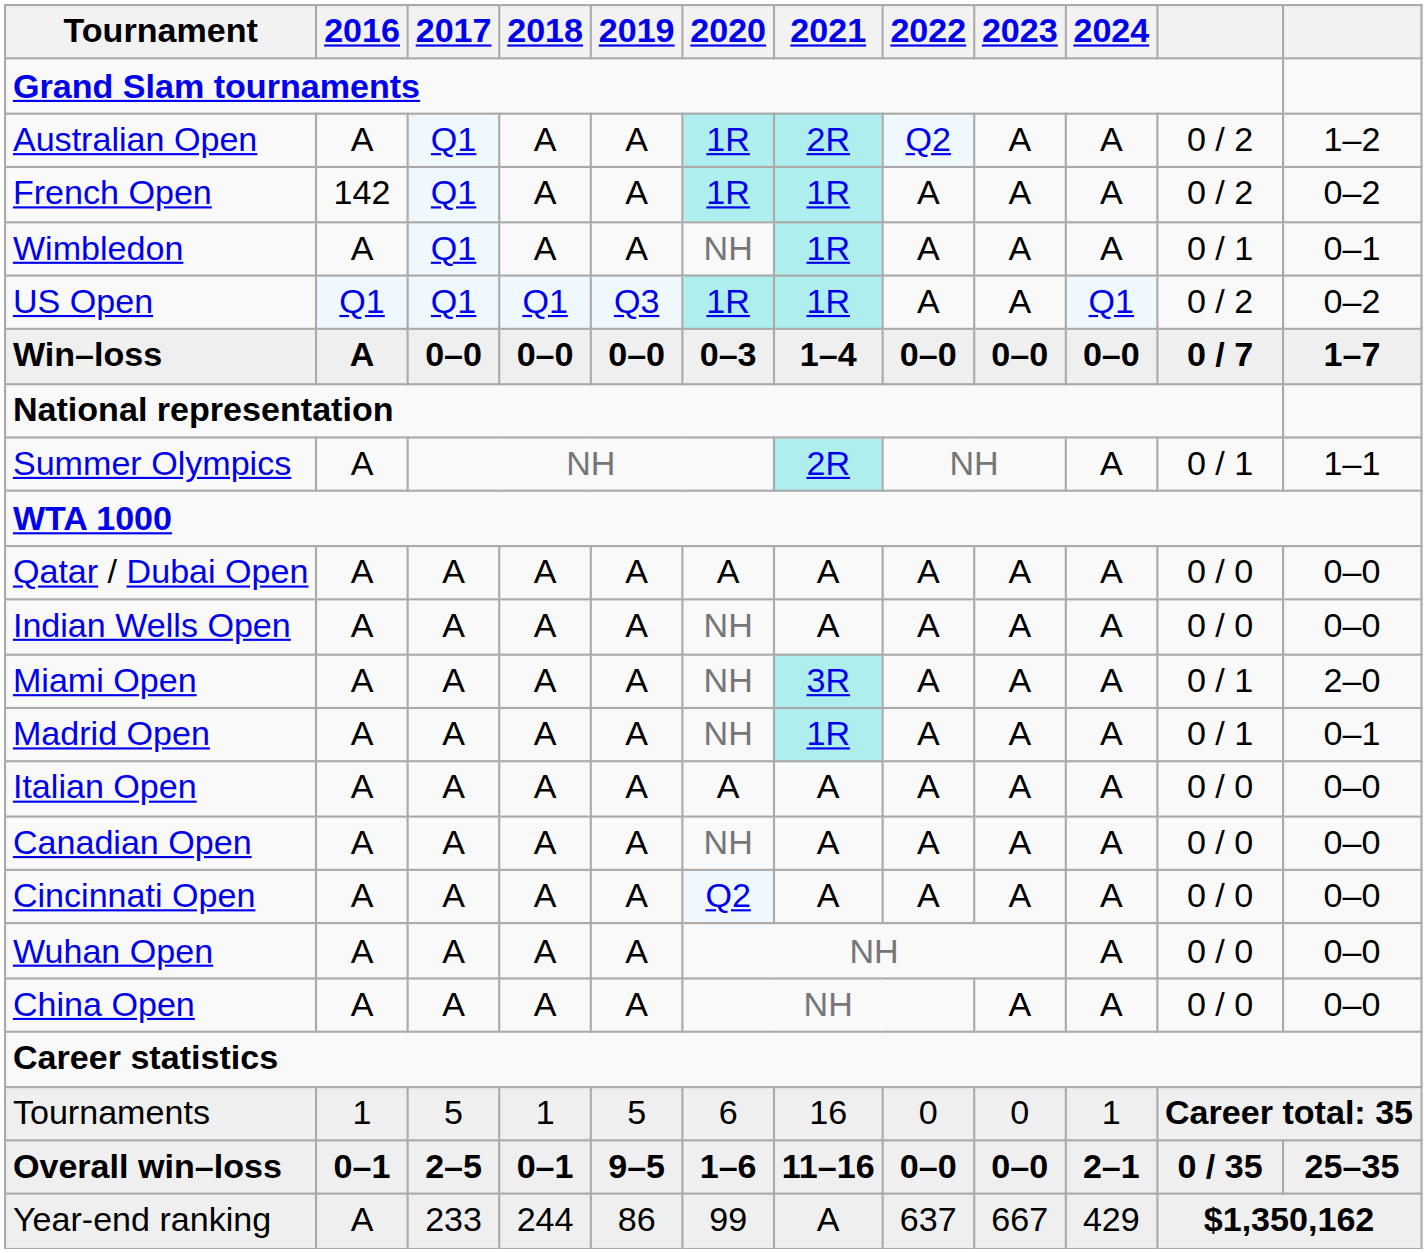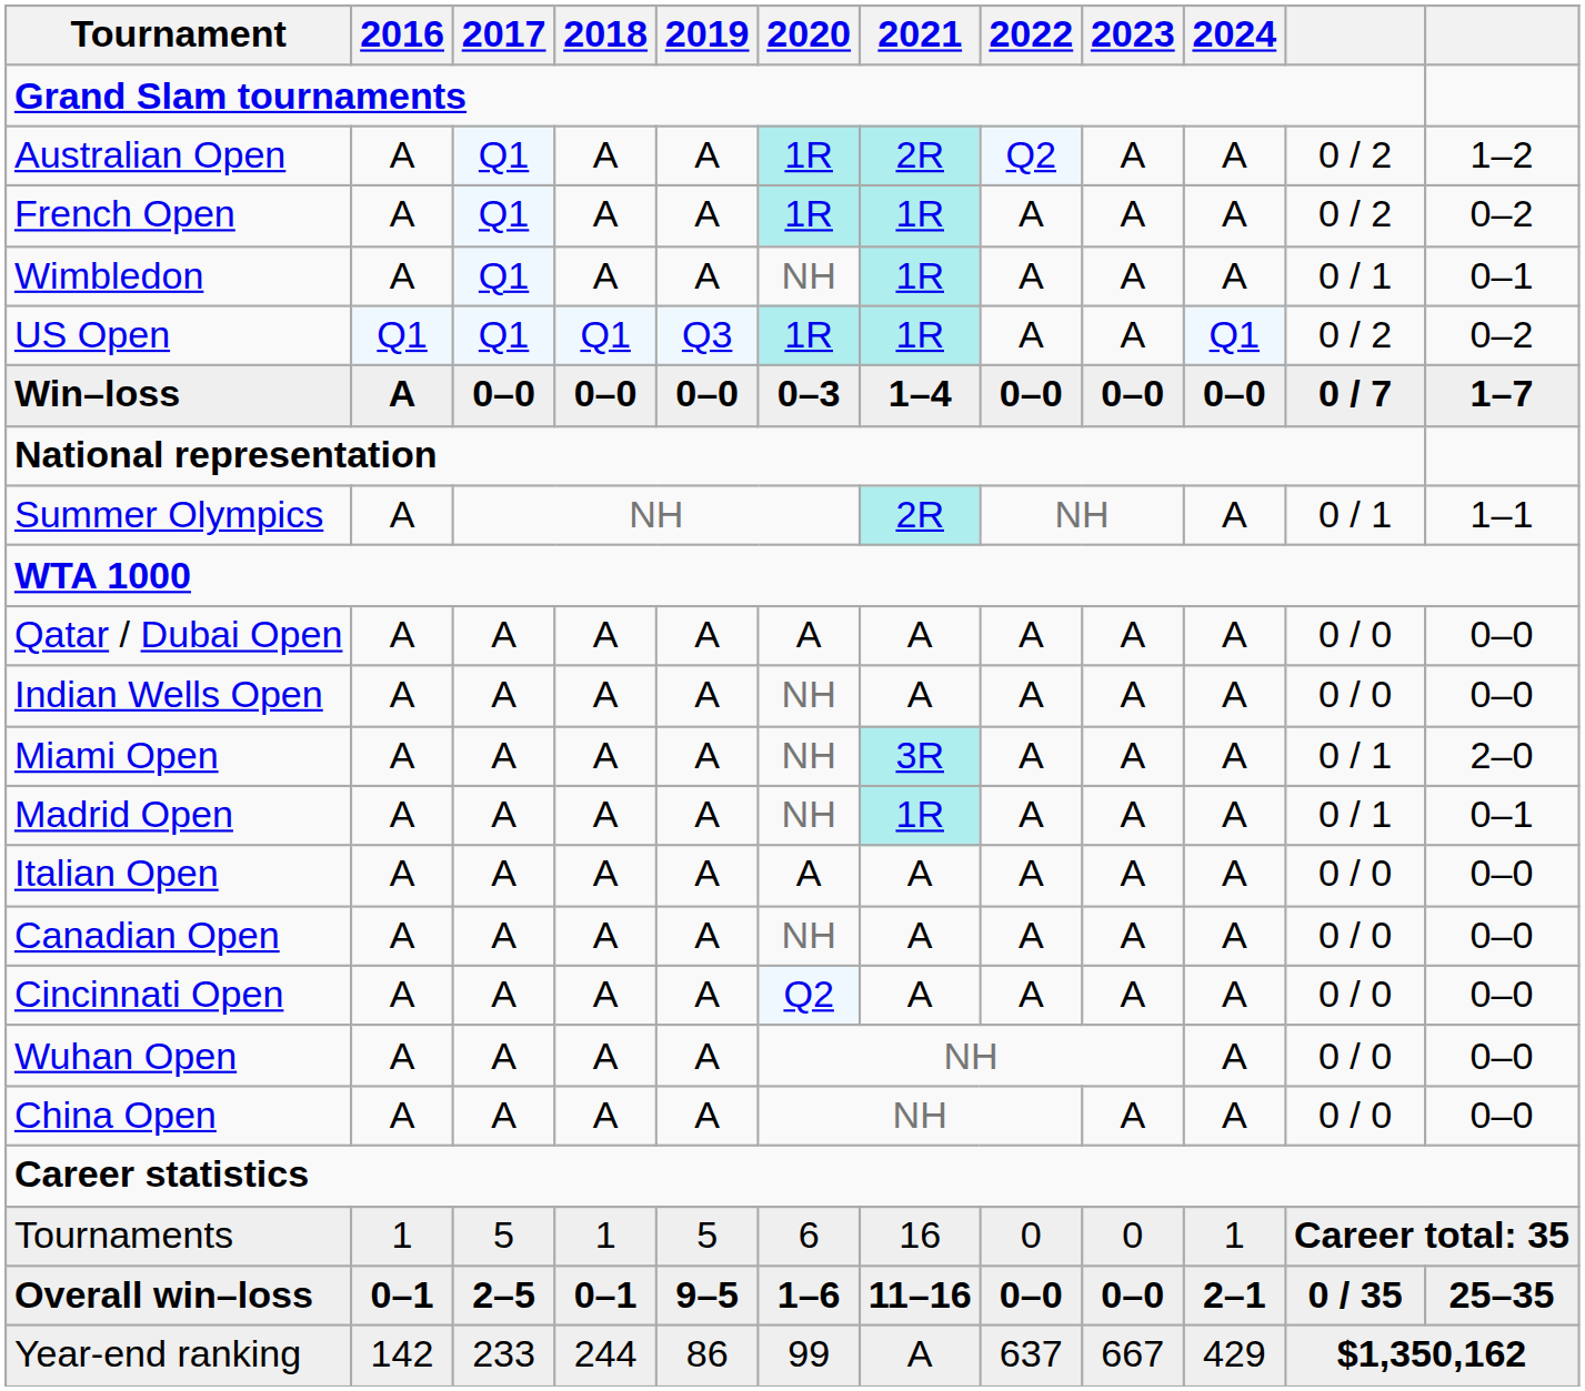 <table class=wikitable style=text-align:center>
 <tr>
 <th>Tournament</th>
 <th><a href='#'>2016</a></th>
 <th><a href='#'>2017</a></th>
 <th><a href='#'>2018</a></th>
 <th><a href='#'>2019</a></th>
 <th><a href='#'>2020</a></th>
 <th><a href='#'>2021</a></th>
 <th><a href='#'>2022</a></th>
 <th><a href='#'>2023</a></th>
 <th><a href='#'>2024</a></th>
 <th></th>
 <th></th>
 </tr>
 <tr>
 <td colspan="11" align=left><strong><a href='#'>Grand Slam tournaments</a></strong></td>
 </tr>
 <tr>
 <td align=left><a href='#'>Australian Open</a></td>
 <td>A</td>
 <td bgcolor=f0f8ff><a href='#'>Q1</a></td>
 <td>A</td>
 <td>A</td>
 <td bgcolor=afeeee><a href='#'>1R</a></td>
 <td bgcolor=afeeee><a href='#'>2R</a></td>
 <td bgcolor=f0f8ff><a href='#'>Q2</a></td>
 <td>A</td>
 <td>A</td>
 <td>0 / 2</td>
 <td>1–2</td>
 </tr>
 <tr>
 <td align=left><a href='#'>French Open</a></td>
-<td>142</td>
+<td>A</td>
 <td bgcolor=f0f8ff><a href='#'>Q1</a></td>
 <td>A</td>
 <td>A</td>
 <td bgcolor=afeeee><a href='#'>1R</a></td>
 <td bgcolor=afeeee><a href='#'>1R</a></td>
 <td>A</td>
 <td>A</td>
 <td>A</td>
 <td>0 / 2</td>
 <td>0–2</td>
 </tr>
 <tr>
 <td style=text-align:left><a href='#'>Wimbledon</a></td>
 <td>A</td>
 <td bgcolor=f0f8ff><a href='#'>Q1</a></td>
 <td>A</td>
 <td>A</td>
 <td style=color:#767676>NH</td>
 <td bgcolor=afeeee><a href='#'>1R</a></td>
 <td>A</td>
 <td>A</td>
 <td>A</td>
 <td>0 / 1</td>
 <td>0–1</td>
 </tr>
 <tr>
 <td style=text-align:left><a href='#'>US Open</a></td>
 <td bgcolor=f0f8ff><a href='#'>Q1</a></td>
 <td bgcolor=f0f8ff><a href='#'>Q1</a></td>
 <td bgcolor=f0f8ff><a href='#'>Q1</a></td>
 <td bgcolor=f0f8ff><a href='#'>Q3</a></td>
 <td bgcolor=afeeee><a href='#'>1R</a></td>
 <td bgcolor=afeeee><a href='#'>1R</a></td>
 <td>A</td>
 <td>A</td>
 <td bgcolor=f0f8ff><a href='#'>Q1</a></td>
 <td>0 / 2</td>
 <td>0–2</td>
 </tr>
 <tr style=background:#efefef;font-weight:bold>
 <td align=left>Win–loss</td>
 <td>A</td>
 <td>0–0</td>
 <td>0–0</td>
 <td>0–0</td>
 <td>0–3</td>
 <td>1–4</td>
 <td>0–0</td>
 <td>0–0</td>
 <td>0–0</td>
 <td>0 / 7</td>
 <td>1–7</td>
 </tr>
 <tr>
 <td align=left colspan="11"><strong>National representation</strong></td>
 </tr>
 <tr>
 <td align=left><a href='#'>Summer Olympics</a></td>
 <td>A</td>
 <td style=color:#767676 colspan="4">NH</td>
 <td bgcolor=afeeee><a href='#'>2R</a></td>
 <td style=color:#767676 colspan="2">NH</td>
 <td>A</td>
 <td>0 / 1</td>
 <td>1–1</td>
 </tr>
 <tr>
 <td colspan="13" align="left"><strong><a href='#'>WTA 1000</a></strong></td>
 </tr>
 <tr>
 <td align=left><a href='#'>Qatar</a> / <a href='#'>Dubai Open</a></td>
 <td>A</td>
 <td>A</td>
 <td>A</td>
 <td>A</td>
 <td>A</td>
 <td>A</td>
 <td>A</td>
 <td>A</td>
 <td>A</td>
 <td>0 / 0</td>
 <td>0–0</td>
 </tr>
 <tr>
 <td align=left><a href='#'>Indian Wells Open</a></td>
 <td>A</td>
 <td>A</td>
 <td>A</td>
 <td>A</td>
 <td style=color:#767676>NH</td>
 <td>A</td>
 <td>A</td>
 <td>A</td>
 <td>A</td>
 <td>0 / 0</td>
 <td>0–0</td>
 </tr>
 <tr>
 <td style="text-align:left"><a href='#'>Miami Open</a></td>
 <td>A</td>
 <td>A</td>
 <td>A</td>
 <td>A</td>
 <td style="color:#767676">NH</td>
 <td bgcolor="afeeee"><a href='#'>3R</a></td>
 <td>A</td>
 <td>A</td>
 <td>A</td>
 <td>0 / 1</td>
 <td>2–0</td>
 </tr>
 <tr>
 <td align="left"><a href='#'>Madrid Open</a></td>
 <td>A</td>
 <td>A</td>
 <td>A</td>
 <td>A</td>
 <td style="color:#767676;">NH</td>
 <td bgcolor="#afeeee"><a href='#'>1R</a></td>
 <td>A</td>
 <td>A</td>
 <td>A</td>
 <td>0 / 1</td>
 <td>0–1</td>
 </tr>
 <tr>
 <td align=left><a href='#'>Italian Open</a></td>
 <td>A</td>
 <td>A</td>
 <td>A</td>
 <td>A</td>
 <td>A</td>
 <td>A</td>
 <td>A</td>
 <td>A</td>
 <td>A</td>
 <td>0 / 0</td>
 <td>0–0</td>
 </tr>
 <tr>
 <td align=left><a href='#'>Canadian Open</a></td>
 <td>A</td>
 <td>A</td>
 <td>A</td>
 <td>A</td>
 <td style=color:#767676>NH</td>
 <td>A</td>
 <td>A</td>
 <td>A</td>
 <td>A</td>
 <td>0 / 0</td>
 <td>0–0</td>
 </tr>
 <tr>
 <td align="left"><a href='#'>Cincinnati Open</a></td>
 <td>A</td>
 <td>A</td>
 <td>A</td>
 <td>A</td>
 <td bgcolor="f0f8ff"><a href='#'>Q2</a></td>
 <td>A</td>
 <td>A</td>
 <td>A</td>
 <td>A</td>
 <td>0 / 0</td>
 <td>0–0</td>
 </tr>
 <tr>
 <td align=left><a href='#'>Wuhan Open</a></td>
 <td>A</td>
 <td>A</td>
 <td>A</td>
 <td>A</td>
 <td colspan="4" style=color:#767676>NH</td>
 <td>A</td>
 <td>0 / 0</td>
 <td>0–0</td>
 </tr>
 <tr>
 <td align=left><a href='#'>China Open</a></td>
 <td>A</td>
 <td>A</td>
 <td>A</td>
 <td>A</td>
 <td colspan="3" style=color:#767676>NH</td>
 <td>A</td>
 <td>A</td>
 <td>0 / 0</td>
 <td>0–0</td>
 </tr>
 <tr>
 <td colspan="13" style="text-align:left"><strong>Career statistics</strong></td>
 </tr>
 <tr style=background:#efefef>
 <td style=text-align:left>Tournaments</td>
 <td>1</td>
 <td>5</td>
 <td>1</td>
 <td>5</td>
 <td>6</td>
 <td>16</td>
 <td>0</td>
 <td>0</td>
 <td>1</td>
 <td colspan=3><strong>Career total: 35</strong></td>
 </tr>
 <tr style=font-weight:bold;background:#efefef>
 <td style=text-align:left>Overall win–loss</td>
 <td>0–1</td>
 <td>2–5</td>
 <td>0–1</td>
 <td>9–5</td>
 <td>1–6</td>
 <td>11–16</td>
 <td>0–0</td>
 <td>0–0</td>
 <td>2–1</td>
 <td>0 / 35</td>
 <td>25–35</td>
 </tr>
 <tr style=background:#efefef>
 <td align=left>Year-end ranking</td>
-<td>A</td>
+<td>142</td>
 <td>233</td>
 <td>244</td>
 <td>86</td>
 <td>99</td>
 <td>A</td>
 <td>637</td>
 <td>667</td>
 <td>429</td>
 <td colspan=3><strong>$1,350,162</strong></td>
 </tr>
 </table>
